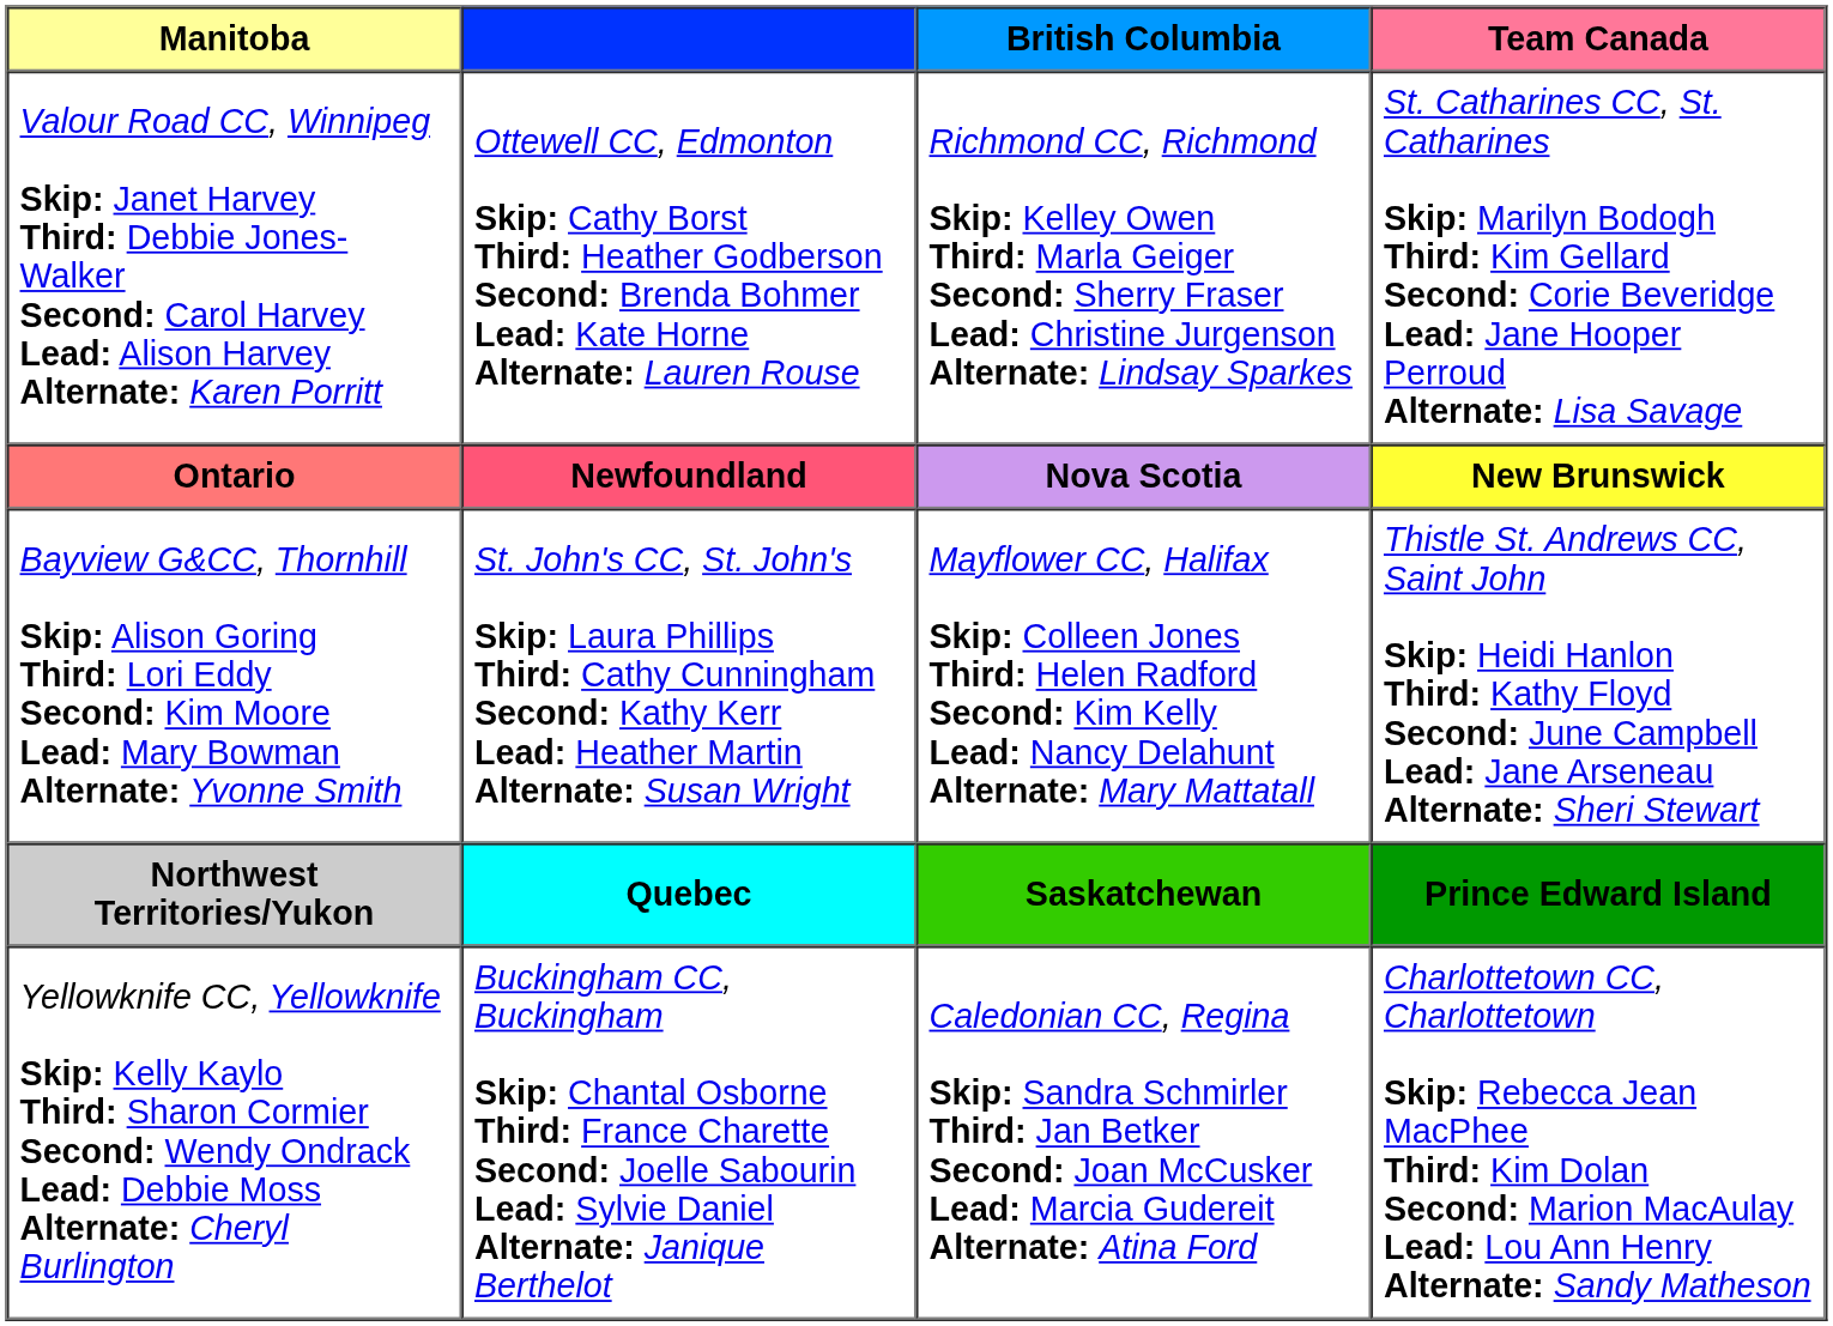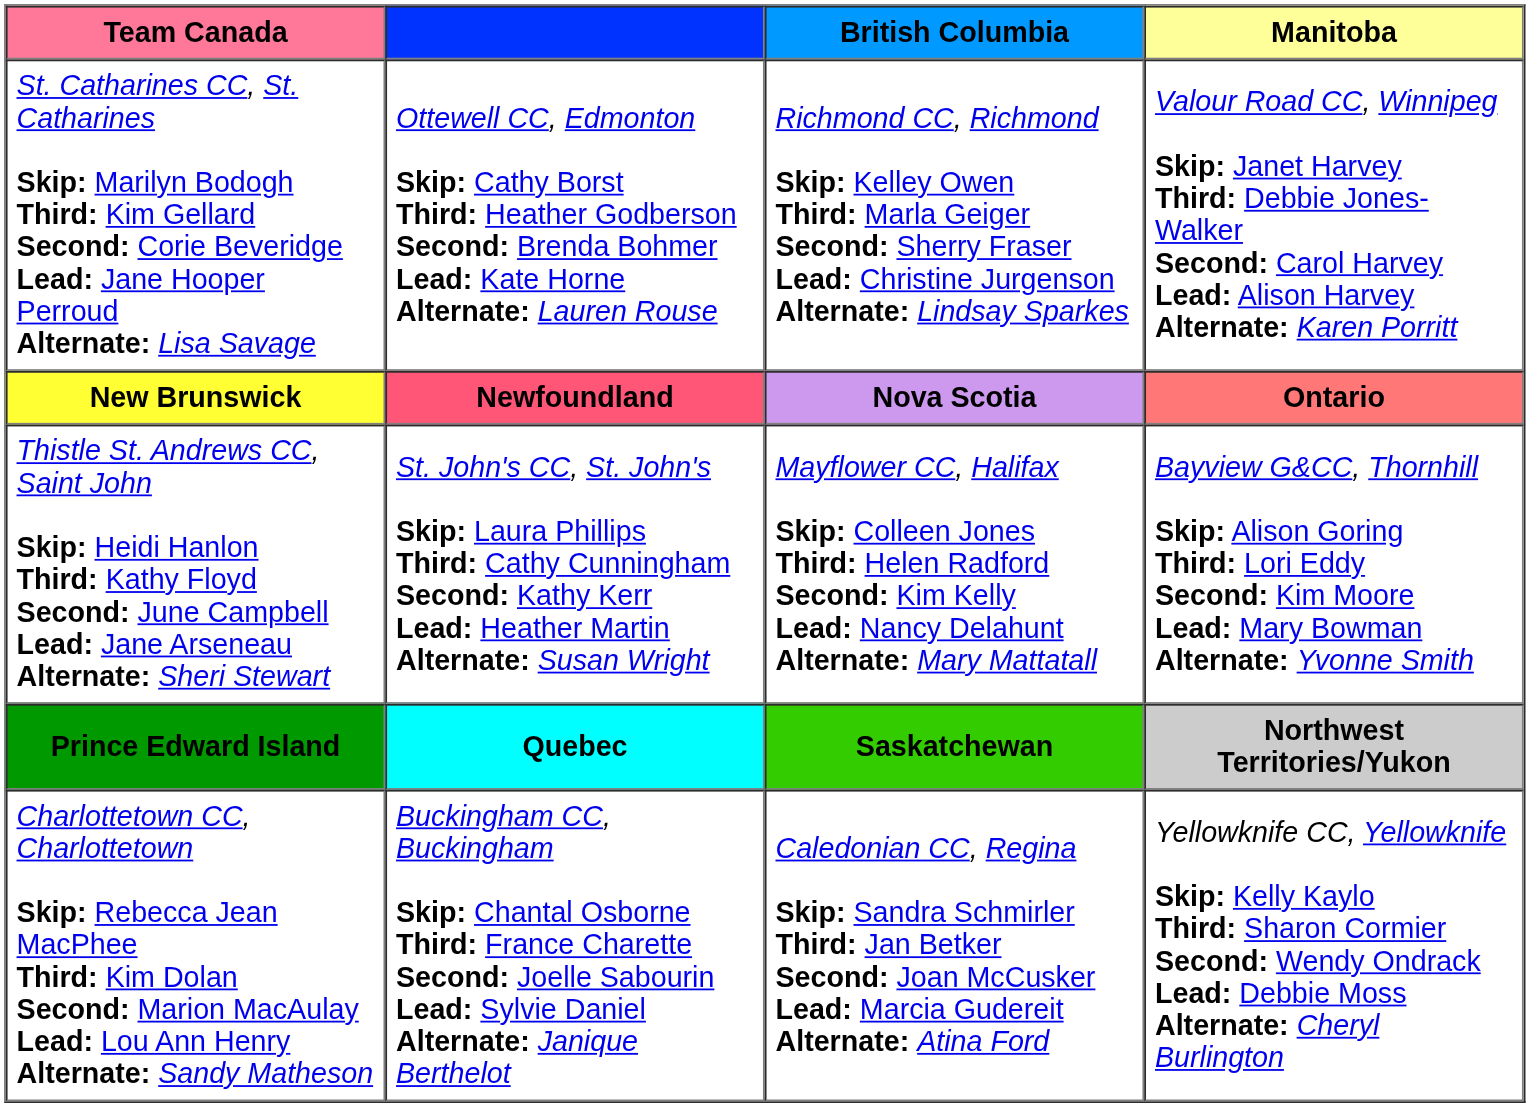 <table border=1 cellpadding=5 cellspacing=0>
 <tr>
-<th bgcolor="#ffff99" width="200">Manitoba</th>
+<th bgcolor="#ff7799" width="200">Team Canada</th>
 <th bgcolor="#0033ff" width="200"></th>
 <th bgcolor="#0099ff" width="200">British Columbia</th>
-<th bgcolor="#ff7799" width="200">Team Canada</th>
+<th bgcolor="#ffff99" width="200">Manitoba</th>
 </tr>
 <tr align=center>
-<td align=left><em><a href='#'>Valour Road CC</a>, <a href='#'>Winnipeg</a></em><br><br><strong>Skip:</strong> <a href='#'>Janet Harvey</a><br> <strong>Third:</strong> <a href='#'>Debbie Jones-Walker</a><br> <strong>Second:</strong> <a href='#'>Carol Harvey</a><br> <strong>Lead:</strong> <a href='#'>Alison Harvey</a><br> <strong>Alternate:</strong> <em><a href='#'>Karen Porritt</a></em></td>
+<td align=left><em><a href='#'>St. Catharines CC</a>, <a href='#'>St. Catharines</a></em><br><br><strong>Skip:</strong> <a href='#'>Marilyn Bodogh</a><br> <strong>Third:</strong> <a href='#'>Kim Gellard</a><br> <strong>Second:</strong> <a href='#'>Corie Beveridge</a><br> <strong>Lead:</strong> <a href='#'>Jane Hooper Perroud</a><br> <strong>Alternate:</strong> <em><a href='#'>Lisa Savage</a></em></td>
 <td align=left><em><a href='#'>Ottewell CC</a>, <a href='#'>Edmonton</a></em><br><br><strong>Skip:</strong> <a href='#'>Cathy Borst</a><br> <strong>Third:</strong> <a href='#'>Heather Godberson</a><br> <strong>Second:</strong> <a href='#'>Brenda Bohmer</a><br> <strong>Lead:</strong> <a href='#'>Kate Horne</a><br> <strong>Alternate:</strong> <em><a href='#'>Lauren Rouse</a></em></td>
 <td align=left><em><a href='#'>Richmond CC</a>, <a href='#'>Richmond</a></em><br><br><strong>Skip:</strong> <a href='#'>Kelley Owen</a><br> <strong>Third:</strong> <a href='#'>Marla Geiger</a><br> <strong>Second:</strong> <a href='#'>Sherry Fraser</a><br> <strong>Lead:</strong> <a href='#'>Christine Jurgenson</a><br> <strong>Alternate:</strong> <em><a href='#'>Lindsay Sparkes</a></em></td>
-<td align=left><em><a href='#'>St. Catharines CC</a>, <a href='#'>St. Catharines</a></em><br><br><strong>Skip:</strong> <a href='#'>Marilyn Bodogh</a><br> <strong>Third:</strong> <a href='#'>Kim Gellard</a><br> <strong>Second:</strong> <a href='#'>Corie Beveridge</a><br> <strong>Lead:</strong> <a href='#'>Jane Hooper Perroud</a><br> <strong>Alternate:</strong> <em><a href='#'>Lisa Savage</a></em></td>
+<td align=left><em><a href='#'>Valour Road CC</a>, <a href='#'>Winnipeg</a></em><br><br><strong>Skip:</strong> <a href='#'>Janet Harvey</a><br> <strong>Third:</strong> <a href='#'>Debbie Jones-Walker</a><br> <strong>Second:</strong> <a href='#'>Carol Harvey</a><br> <strong>Lead:</strong> <a href='#'>Alison Harvey</a><br> <strong>Alternate:</strong> <em><a href='#'>Karen Porritt</a></em></td>
 </tr>
 <tr border=1 cellpadding=5 cellspacing=0>
-<th bgcolor="#ff7777" width="200">Ontario</th>
+<th bgcolor="#ffff33" width="200">New Brunswick</th>
 <th bgcolor="#ff5577" width="200">Newfoundland</th>
 <th bgcolor="#cc99ee" width="200">Nova Scotia</th>
-<th bgcolor="#ffff33" width="200">New Brunswick</th>
+<th bgcolor="#ff7777" width="200">Ontario</th>
 </tr>
 <tr align=center>
-<td align=left><em><a href='#'>Bayview G&CC</a>, <a href='#'>Thornhill</a></em><br><br><strong>Skip:</strong> <a href='#'>Alison Goring</a><br> <strong>Third:</strong> <a href='#'>Lori Eddy</a><br> <strong>Second:</strong> <a href='#'>Kim Moore</a><br> <strong>Lead:</strong> <a href='#'>Mary Bowman</a><br> <strong>Alternate:</strong> <em><a href='#'>Yvonne Smith</a></em></td>
+<td align=left><em><a href='#'>Thistle St. Andrews CC</a>, <a href='#'>Saint John</a></em><br><br><strong>Skip:</strong> <a href='#'>Heidi Hanlon</a><br> <strong>Third:</strong> <a href='#'>Kathy Floyd</a><br> <strong>Second:</strong> <a href='#'>June Campbell</a><br> <strong>Lead:</strong> <a href='#'>Jane Arseneau</a><br> <strong>Alternate:</strong> <em><a href='#'>Sheri Stewart</a></em></td>
 <td align=left><em><a href='#'>St. John's CC</a>, <a href='#'>St. John's</a></em><br><br><strong>Skip:</strong> <a href='#'>Laura Phillips</a> <br> <strong>Third:</strong> <a href='#'>Cathy Cunningham</a><br> <strong>Second:</strong> <a href='#'>Kathy Kerr</a><br> <strong>Lead:</strong> <a href='#'>Heather Martin</a><br> <strong>Alternate:</strong> <em><a href='#'>Susan Wright</a></em></td>
 <td align=left><em><a href='#'>Mayflower CC</a>, <a href='#'>Halifax</a></em><br><br><strong>Skip:</strong> <a href='#'>Colleen Jones</a><br> <strong>Third:</strong> <a href='#'>Helen Radford</a><br> <strong>Second:</strong> <a href='#'>Kim Kelly</a><br> <strong>Lead:</strong> <a href='#'>Nancy Delahunt</a><br> <strong>Alternate:</strong> <em><a href='#'>Mary Mattatall</a></em></td>
-<td align=left><em><a href='#'>Thistle St. Andrews CC</a>, <a href='#'>Saint John</a></em><br><br><strong>Skip:</strong> <a href='#'>Heidi Hanlon</a><br> <strong>Third:</strong> <a href='#'>Kathy Floyd</a><br> <strong>Second:</strong> <a href='#'>June Campbell</a><br> <strong>Lead:</strong> <a href='#'>Jane Arseneau</a><br> <strong>Alternate:</strong> <em><a href='#'>Sheri Stewart</a></em></td>
+<td align=left><em><a href='#'>Bayview G&CC</a>, <a href='#'>Thornhill</a></em><br><br><strong>Skip:</strong> <a href='#'>Alison Goring</a><br> <strong>Third:</strong> <a href='#'>Lori Eddy</a><br> <strong>Second:</strong> <a href='#'>Kim Moore</a><br> <strong>Lead:</strong> <a href='#'>Mary Bowman</a><br> <strong>Alternate:</strong> <em><a href='#'>Yvonne Smith</a></em></td>
 </tr>
 <tr border=1 cellpadding=5 cellspacing=0>
-<th bgcolor="#cccccc" width="200">Northwest Territories/Yukon</th>
+<th bgcolor="#009900" width="200">Prince Edward Island</th>
 <th bgcolor="#00ffff" width="200">Quebec</th>
 <th bgcolor="#33cc00" width="200">Saskatchewan</th>
-<th bgcolor="#009900" width="200">Prince Edward Island</th>
+<th bgcolor="#cccccc" width="200">Northwest Territories/Yukon</th>
 </tr>
 <tr align=center>
-<td align=left><em>Yellowknife CC, <a href='#'>Yellowknife</a></em><br><br><strong>Skip:</strong> <a href='#'>Kelly Kaylo</a><br> <strong>Third:</strong> <a href='#'>Sharon Cormier</a><br> <strong>Second:</strong> <a href='#'>Wendy Ondrack</a><br> <strong>Lead:</strong> <a href='#'>Debbie Moss</a><br> <strong>Alternate:</strong> <em><a href='#'>Cheryl Burlington</a></em></td>
+<td align=left><em><a href='#'>Charlottetown CC</a>, <a href='#'>Charlottetown</a></em><br><br><strong>Skip:</strong> <a href='#'>Rebecca Jean MacPhee</a><br> <strong>Third:</strong> <a href='#'>Kim Dolan</a><br> <strong>Second:</strong> <a href='#'>Marion MacAulay</a><br> <strong>Lead:</strong> <a href='#'>Lou Ann Henry</a><br> <strong>Alternate:</strong> <em><a href='#'>Sandy Matheson</a></em></td>
 <td align=left><em><a href='#'>Buckingham CC</a>, <a href='#'>Buckingham</a></em><br><br><strong>Skip:</strong> <a href='#'>Chantal Osborne</a><br> <strong>Third:</strong> <a href='#'>France Charette</a><br> <strong>Second:</strong> <a href='#'>Joelle Sabourin</a><br> <strong>Lead:</strong> <a href='#'>Sylvie Daniel</a><br> <strong>Alternate:</strong> <em><a href='#'>Janique Berthelot</a></em></td>
 <td align=left><em><a href='#'>Caledonian CC</a>, <a href='#'>Regina</a></em><br><br><strong>Skip:</strong> <a href='#'>Sandra Schmirler</a><br> <strong>Third:</strong> <a href='#'>Jan Betker</a><br> <strong>Second:</strong> <a href='#'>Joan McCusker</a><br> <strong>Lead:</strong> <a href='#'>Marcia Gudereit</a><br> <strong>Alternate:</strong> <em><a href='#'>Atina Ford</a></em></td>
-<td align=left><em><a href='#'>Charlottetown CC</a>, <a href='#'>Charlottetown</a></em><br><br><strong>Skip:</strong> <a href='#'>Rebecca Jean MacPhee</a><br> <strong>Third:</strong> <a href='#'>Kim Dolan</a><br> <strong>Second:</strong> <a href='#'>Marion MacAulay</a><br> <strong>Lead:</strong> <a href='#'>Lou Ann Henry</a><br> <strong>Alternate:</strong> <em><a href='#'>Sandy Matheson</a></em></td>
+<td align=left><em>Yellowknife CC, <a href='#'>Yellowknife</a></em><br><br><strong>Skip:</strong> <a href='#'>Kelly Kaylo</a><br> <strong>Third:</strong> <a href='#'>Sharon Cormier</a><br> <strong>Second:</strong> <a href='#'>Wendy Ondrack</a><br> <strong>Lead:</strong> <a href='#'>Debbie Moss</a><br> <strong>Alternate:</strong> <em><a href='#'>Cheryl Burlington</a></em></td>
 </tr>
 </table>
